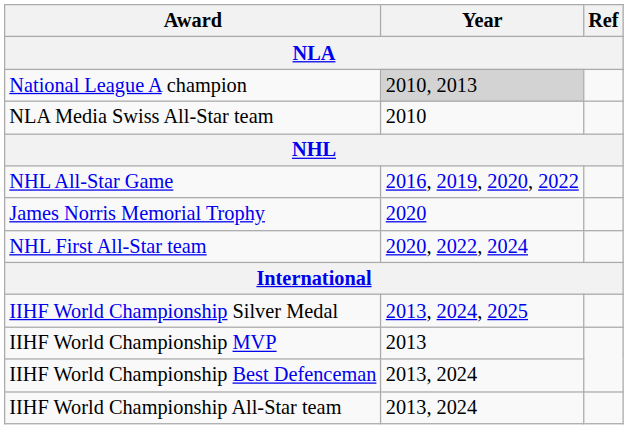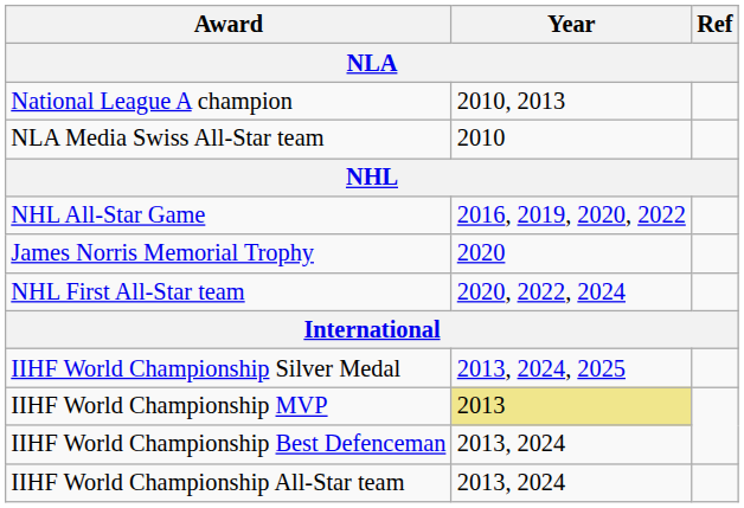 <table class="wikitable">
 <tr>
 <th>Award</th>
 <th>Year</th>
 <th>Ref</th>
 </tr>
 <tr>
 <th colspan="3"><a href='#'>NLA</a></th>
 </tr>
 <tr>
 <td><a href='#'>National League A</a> champion</td>
-<td style="background: lightgrey;">2010, 2013</td>
+<td>2010, 2013</td>
 <td></td>
 </tr>
 <tr>
 <td>NLA Media Swiss All-Star team</td>
 <td>2010</td>
 <td></td>
 </tr>
 <tr>
 <th colspan="3"><a href='#'>NHL</a></th>
 </tr>
 <tr>
 <td><a href='#'>NHL All-Star Game</a></td>
 <td><a href='#'>2016</a>, <a href='#'>2019</a>, <a href='#'>2020</a>, <a href='#'>2022</a></td>
 <td></td>
 </tr>
 <tr>
 <td><a href='#'>James Norris Memorial Trophy</a></td>
 <td><a href='#'>2020</a></td>
 <td></td>
 </tr>
 <tr>
 <td><a href='#'>NHL First All-Star team</a></td>
 <td><a href='#'>2020</a>, <a href='#'>2022</a>, <a href='#'>2024</a></td>
 <td></td>
 </tr>
 <tr>
 <th colspan="3"><a href='#'>International</a></th>
 </tr>
 <tr>
 <td><a href='#'>IIHF World Championship</a> Silver Medal</td>
 <td><a href='#'>2013</a>, <a href='#'>2024</a>, <a href='#'>2025</a></td>
 <td></td>
 </tr>
 <tr>
 <td>IIHF World Championship <a href='#'>MVP</a></td>
-<td>2013</td>
+<td style="background: khaki;">2013</td>
 <td rowspan="2"></td>
 </tr>
 <tr>
 <td>IIHF World Championship <a href='#'>Best Defenceman</a></td>
 <td>2013, 2024</td>
 </tr>
 <tr>
 <td>IIHF World Championship All-Star team</td>
 <td>2013, 2024</td>
 <td></td>
 </tr>
 </table>
